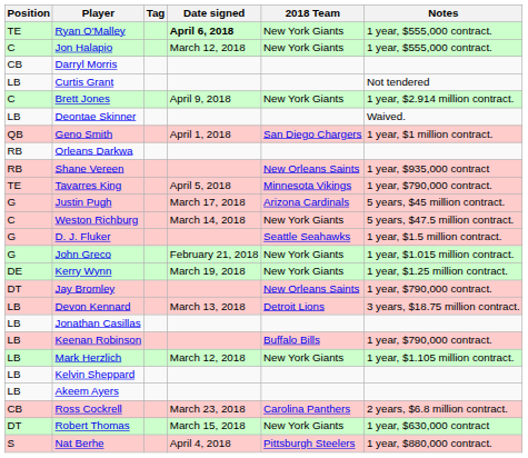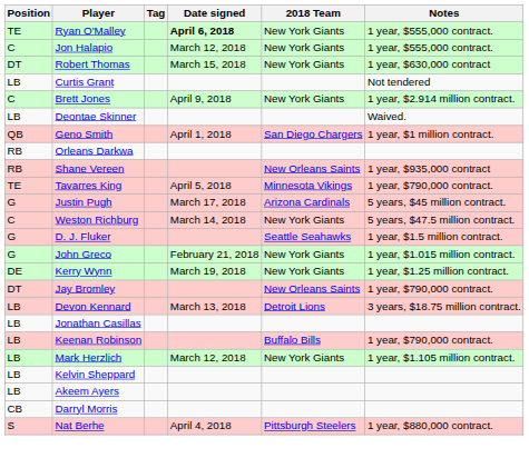 <table class="wikitable">
 <tr>
 <th>Position</th>
 <th>Player</th>
 <th>Tag</th>
 <th>Date signed</th>
 <th>2018 Team</th>
 <th>Notes</th>
 </tr>
 <tr bgcolor=ccffcc>
 <td>TE</td>
 <td><a href='#'>Ryan O'Malley</a></td>
 <td></td>
 <td><strong>April 6, 2018</strong></td>
 <td>New York Giants</td>
 <td>1 year, $555,000 contract.</td>
 </tr>
 <tr bgcolor=ccffcc>
 <td>C</td>
 <td><a href='#'>Jon Halapio</a></td>
 <td></td>
 <td>March 12, 2018</td>
 <td>New York Giants</td>
 <td>1 year, $555,000 contract.</td>
 </tr>
-<tr>
-<td>CB</td>
-<td><a href='#'>Darryl Morris</a></td>
+<tr bgcolor=ccffcc>
+<td>DT</td>
+<td><a href='#'>Robert Thomas</a></td>
 <td></td>
-<td></td>
-<td></td>
-<td></td>
+<td>March 15, 2018</td>
+<td>New York Giants</td>
+<td>1 year, $630,000 contract</td>
 </tr>
 <tr>
 <td>LB</td>
 <td><a href='#'>Curtis Grant</a></td>
 <td></td>
 <td></td>
 <td></td>
 <td>Not tendered</td>
 </tr>
 <tr bgcolor=ccffcc>
 <td>C</td>
 <td><a href='#'>Brett Jones</a></td>
 <td></td>
 <td>April 9, 2018</td>
 <td>New York Giants</td>
 <td>1 year, $2.914 million contract.</td>
 </tr>
 <tr>
 <td>LB</td>
 <td><a href='#'>Deontae Skinner</a></td>
 <td></td>
 <td></td>
 <td></td>
 <td>Waived.</td>
 </tr>
 <tr bgcolor=ffcccc>
 <td>QB</td>
 <td><a href='#'>Geno Smith</a></td>
 <td></td>
 <td>April 1, 2018</td>
 <td><a href='#'>San Diego Chargers</a></td>
 <td>1 year, $1 million contract.</td>
 </tr>
 <tr>
 <td>RB</td>
 <td><a href='#'>Orleans Darkwa</a></td>
 <td></td>
 <td></td>
 <td></td>
 <td></td>
 </tr>
 <tr bgcolor=ffcccc>
 <td>RB</td>
 <td><a href='#'>Shane Vereen</a></td>
 <td></td>
 <td></td>
 <td><a href='#'>New Orleans Saints</a></td>
 <td>1 year, $935,000 contract</td>
 </tr>
 <tr bgcolor=ffcccc>
 <td>TE</td>
 <td><a href='#'>Tavarres King</a></td>
 <td></td>
 <td>April 5, 2018</td>
 <td><a href='#'>Minnesota Vikings</a></td>
 <td>1 year, $790,000 contract.</td>
 </tr>
 <tr bgcolor=ffcccc>
 <td>G</td>
 <td><a href='#'>Justin Pugh</a></td>
 <td></td>
 <td>March 17, 2018</td>
 <td><a href='#'>Arizona Cardinals</a></td>
 <td>5 years, $45 million contract.</td>
 </tr>
 <tr bgcolor=ffcccc>
 <td>C</td>
 <td><a href='#'>Weston Richburg</a></td>
 <td></td>
 <td>March 14, 2018</td>
 <td>New York Giants</td>
 <td>5 years, $47.5 million contract.</td>
 </tr>
 <tr bgcolor=ffcccc>
 <td>G</td>
 <td><a href='#'>D. J. Fluker</a></td>
 <td></td>
 <td></td>
 <td><a href='#'>Seattle Seahawks</a></td>
 <td>1 year, $1.5 million contract.</td>
 </tr>
 <tr bgcolor=ccffcc>
 <td>G</td>
 <td><a href='#'>John Greco</a></td>
 <td></td>
 <td>February 21, 2018</td>
 <td>New York Giants</td>
 <td>1 year, $1.015 million contract.</td>
 </tr>
 <tr bgcolor=ccffcc>
 <td>DE</td>
 <td><a href='#'>Kerry Wynn</a></td>
 <td></td>
 <td>March 19, 2018</td>
 <td>New York Giants</td>
 <td>1 year, $1.25 million contract.</td>
 </tr>
 <tr bgcolor=ffcccc>
 <td>DT</td>
 <td><a href='#'>Jay Bromley</a></td>
 <td></td>
 <td></td>
 <td><a href='#'>New Orleans Saints</a></td>
 <td>1 year, $790,000 contract.</td>
 </tr>
 <tr bgcolor=ffcccc>
 <td>LB</td>
 <td><a href='#'>Devon Kennard</a></td>
 <td></td>
 <td>March 13, 2018</td>
 <td><a href='#'>Detroit Lions</a></td>
 <td>3 years, $18.75 million contract.</td>
 </tr>
 <tr>
 <td>LB</td>
 <td><a href='#'>Jonathan Casillas</a></td>
 <td></td>
 <td></td>
 <td></td>
 <td></td>
 </tr>
 <tr bgcolor=ffcccc>
 <td>LB</td>
 <td><a href='#'>Keenan Robinson</a></td>
 <td></td>
 <td></td>
 <td><a href='#'>Buffalo Bills</a></td>
 <td>1 year, $790,000 contract.</td>
 </tr>
 <tr bgcolor=ccffcc>
 <td>LB</td>
 <td><a href='#'>Mark Herzlich</a></td>
 <td></td>
 <td>March 12, 2018</td>
 <td>New York Giants</td>
 <td>1 year, $1.105 million contract.</td>
 </tr>
 <tr>
 <td>LB</td>
 <td><a href='#'>Kelvin Sheppard</a></td>
 <td></td>
 <td></td>
 <td></td>
 <td></td>
 </tr>
 <tr>
 <td>LB</td>
 <td><a href='#'>Akeem Ayers</a></td>
 <td></td>
 <td></td>
 <td></td>
 <td></td>
 </tr>
-<tr bgcolor=ffcccc>
+<tr>
 <td>CB</td>
-<td><a href='#'>Ross Cockrell</a></td>
+<td><a href='#'>Darryl Morris</a></td>
 <td></td>
-<td>March 23, 2018</td>
-<td><a href='#'>Carolina Panthers</a></td>
-<td>2 years, $6.8 million contract.</td>
-</tr>
-<tr bgcolor=ccffcc>
-<td>DT</td>
-<td><a href='#'>Robert Thomas</a></td>
 <td></td>
-<td>March 15, 2018</td>
-<td>New York Giants</td>
-<td>1 year, $630,000 contract</td>
+<td></td>
+<td></td>
 </tr>
 <tr bgcolor=ffcccc>
 <td>S</td>
 <td><a href='#'>Nat Berhe</a></td>
 <td></td>
 <td>April 4, 2018</td>
 <td><a href='#'>Pittsburgh Steelers</a></td>
 <td>1 year, $880,000 contract.</td>
 </tr>
 </table>
